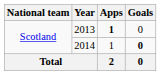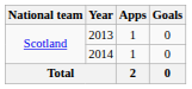 <table class="wikitable" style="font-size:100%; text-align: center">
 <tr>
 <th>National team</th>
 <th>Year</th>
 <th>Apps</th>
 <th>Goals</th>
 </tr>
 <tr>
 <td rowspan=2><a href='#'>Scotland</a></td>
 <td>2013</td>
-<td><strong>1</strong></td>
+<td>1</td>
 <td>0</td>
 </tr>
 <tr>
 <td>2014</td>
 <td>1</td>
-<td><strong>0</strong></td>
+<td>0</td>
 </tr>
 <tr>
 <th colspan=2>Total</th>
 <th>2</th>
 <th>0</th>
 </tr>
 </table>
